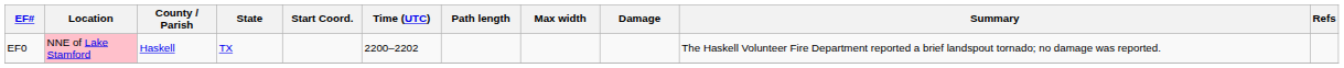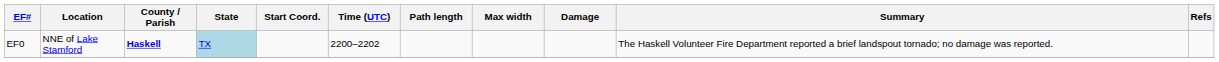 <table class="wikitable sortable" style="width:100%;">
 <tr>
 <th scope="col" width="3%" align="center"><a href='#'>EF#</a></th>
 <th scope="col" width="7%" align="center" class="unsortable">Location</th>
 <th scope="col" width="6%" align="center" class="unsortable">County / Parish</th>
 <th scope="col" width="5%" align="center">State</th>
 <th scope="col" width="6%" align="center">Start Coord.</th>
 <th scope="col" width="6%" align="center">Time (<a href='#'>UTC</a>)</th>
 <th scope="col" width="6%" align="center">Path length</th>
 <th scope="col" width="6%" align="center">Max width</th>
 <th scope="col" width="6%" align="center">Damage</th>
 <th scope="col" width="48%" class="unsortable" align="center">Summary</th>
 <th scope="col" width="48%" class="unsortable" align="center">Refs</th>
 </tr>
 <tr>
 <td>EF0</td>
-<td style="background: pink;">NNE of <a href='#'>Lake Stamford</a></td>
-<td><a href='#'>Haskell</a></td>
-<td><a href='#'>TX</a></td>
+<td>NNE of <a href='#'>Lake Stamford</a></td>
+<td><strong><a href='#'>Haskell</a></strong></td>
+<td style="background: lightblue;"><a href='#'>TX</a></td>
 <td></td>
 <td>2200–2202</td>
 <td></td>
 <td></td>
 <td></td>
 <td>The Haskell Volunteer Fire Department reported a brief landspout tornado; no damage was reported.</td>
 <td></td>
 </tr>
 <tr>
 </tr>
 </table>
